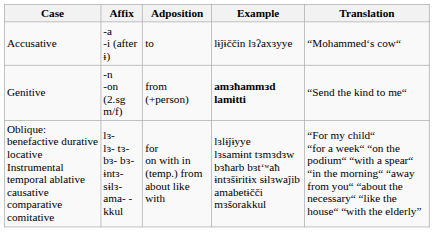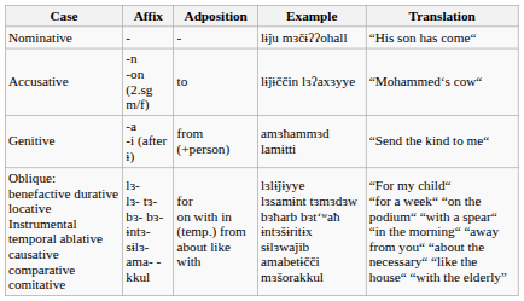 <table class="wikitable">
 <tr>
 <th>Case</th>
 <th>Affix</th>
 <th>Adposition</th>
 <th>Example</th>
 <th>Translation</th>
 </tr>
 <tr>
+<td>Nominative</td>
+<td>-</td>
+<td>-</td>
+<td>lɨĵu mɜčɨʔʔohall</td>
+<td>“His son has come“</td>
+</tr>
+<tr>
 <td>Accusative</td>
-<td>-a<br>-i (after ɨ)</td>
+<td>-n<br>-on (2.sg m/f)</td>
 <td>to</td>
 <td>lɨĵɨččin lɜʔaxɜyye</td>
 <td>“Mohammed‘s cow“</td>
 </tr>
 <tr>
 <td>Genitive</td>
-<td>-n<br>-on (2.sg m/f)</td>
+<td>-a<br>-i (after ɨ)</td>
 <td>from (+person)</td>
-<td><strong>amɜħammɜd lamɨtti</strong></td>
+<td>amɜħammɜd lamɨtti</td>
 <td>“Send the kind to me“</td>
 </tr>
 <tr>
 <td>Oblique:<br>benefactive durative locative Instrumental temporal ablative causative comparative comitative</td>
 <td>lɜ-<br>lɜ- tɜ- bɜ- bɜ- ɨntɜ- sɨlɜ- ama- -kkul</td>
 <td>for<br>on with in (temp.) from about like with</td>
 <td>lɜlɨĵɨyye<br>lɜsamɨnt tɜmɜdɜw bɜħarb bɜt‘ʷaħ ɨntɜšɨritɨx sɨlɜwaĵib amabetɨčči mɜšorakkul</td>
 <td>“For my child“<br>“for a week“  “on the podium“  “with a spear“  “in the morning“  “away from you“  “about the necessary“ “like the house“  “with the elderly”</td>
 </tr>
 </table>
